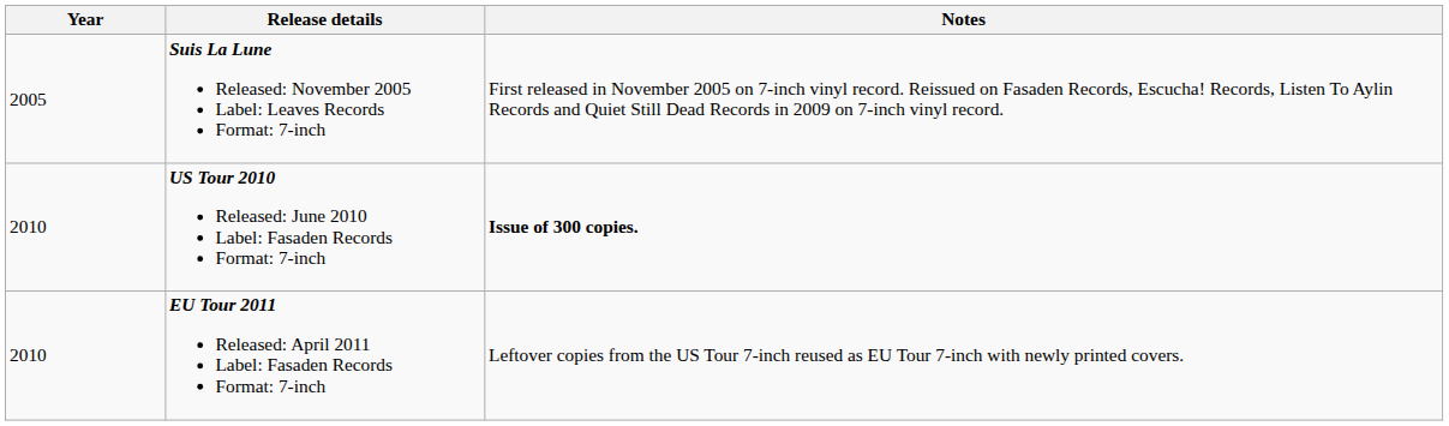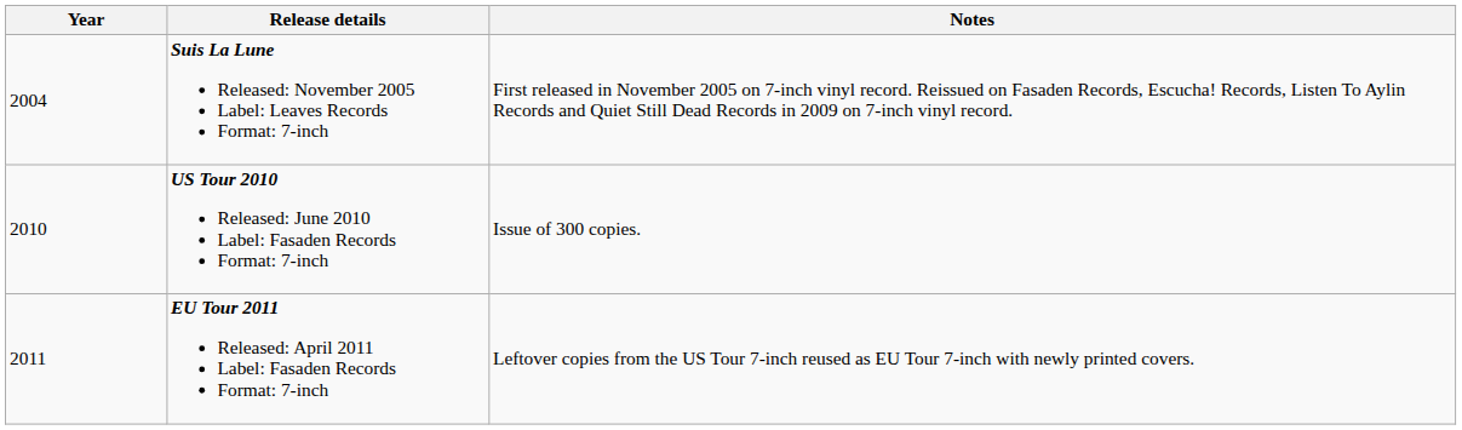 <table class ="wikitable">
 <tr>
 <th style="width: 5%">Year</th>
 <th style="width:10%">Release details</th>
 <th style="width:30%">Notes</th>
 </tr>
 <tr>
-<td>2005</td>
+<td>2004</td>
 <td><strong><em>Suis La Lune</em></strong><br><ul><li>Released: November 2005</li><li>Label: Leaves Records</li><li>Format: 7-inch</li></ul></td>
 <td>First released in November 2005 on 7-inch vinyl record. Reissued on Fasaden Records, Escucha! Records, Listen To Aylin Records and Quiet Still Dead Records in 2009 on 7-inch vinyl record.</td>
 </tr>
 <tr>
 <td>2010</td>
 <td><strong><em>US Tour 2010</em></strong><br><ul><li>Released: June 2010</li><li>Label: Fasaden Records</li><li>Format: 7-inch</li></ul></td>
-<td><strong>Issue of 300 copies.</strong></td>
+<td>Issue of 300 copies.</td>
 </tr>
 <tr>
-<td>2010</td>
+<td>2011</td>
 <td><strong><em>EU Tour 2011</em></strong><br><ul><li>Released: April 2011</li><li>Label: Fasaden Records</li><li>Format: 7-inch</li></ul></td>
 <td>Leftover copies from the US Tour 7-inch reused as EU Tour 7-inch with newly printed covers.</td>
 </tr>
 </table>
